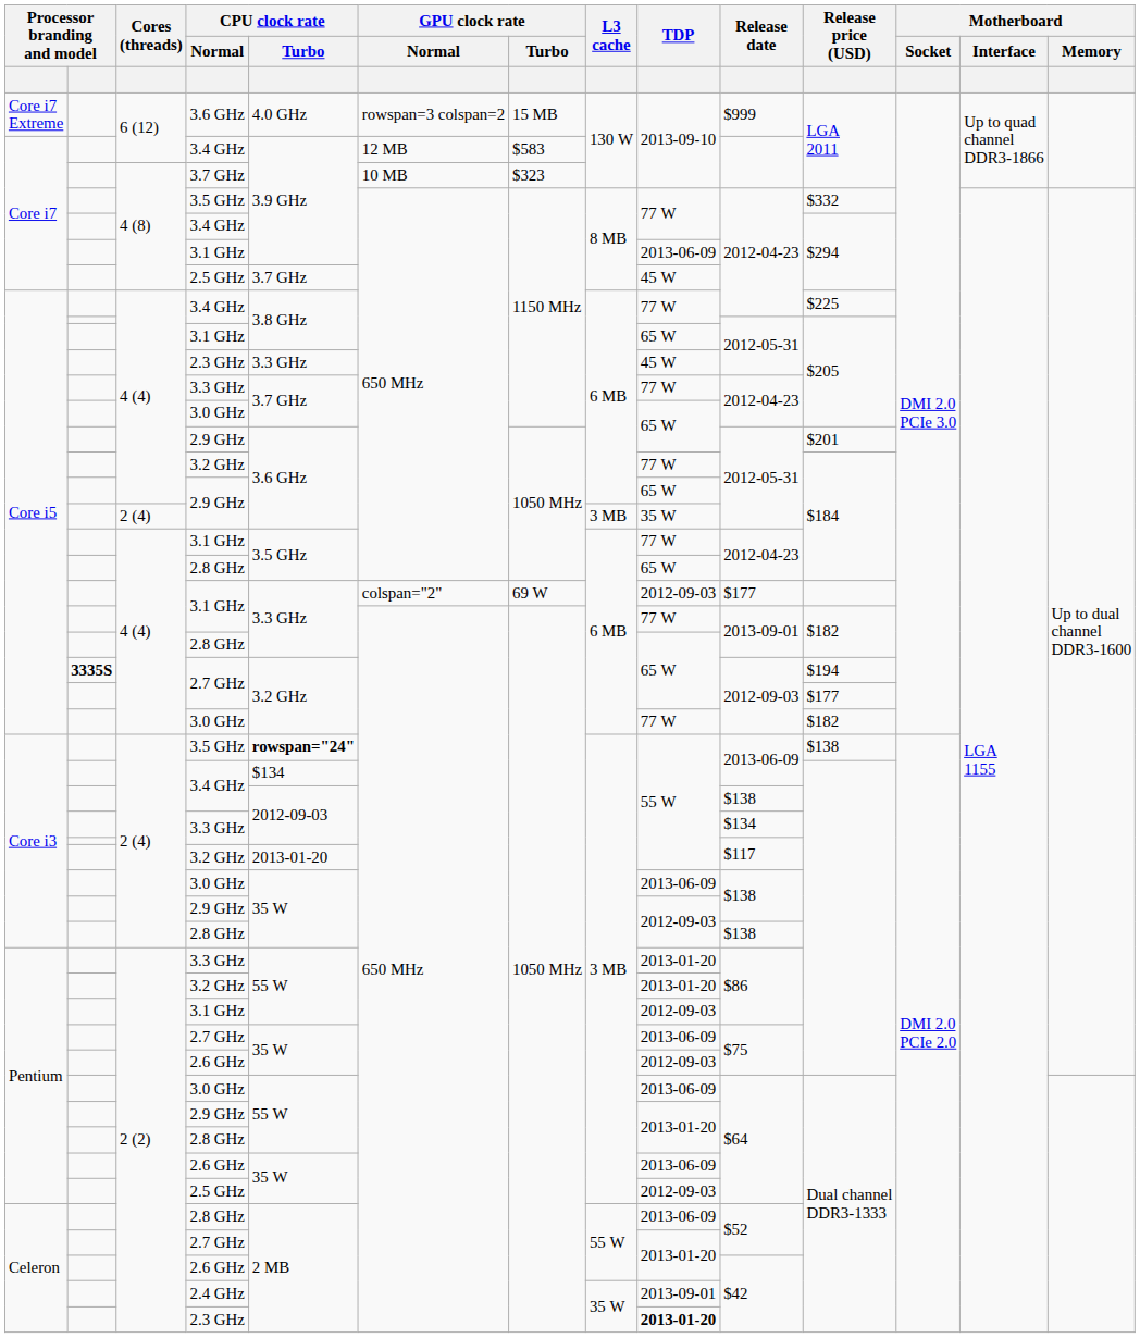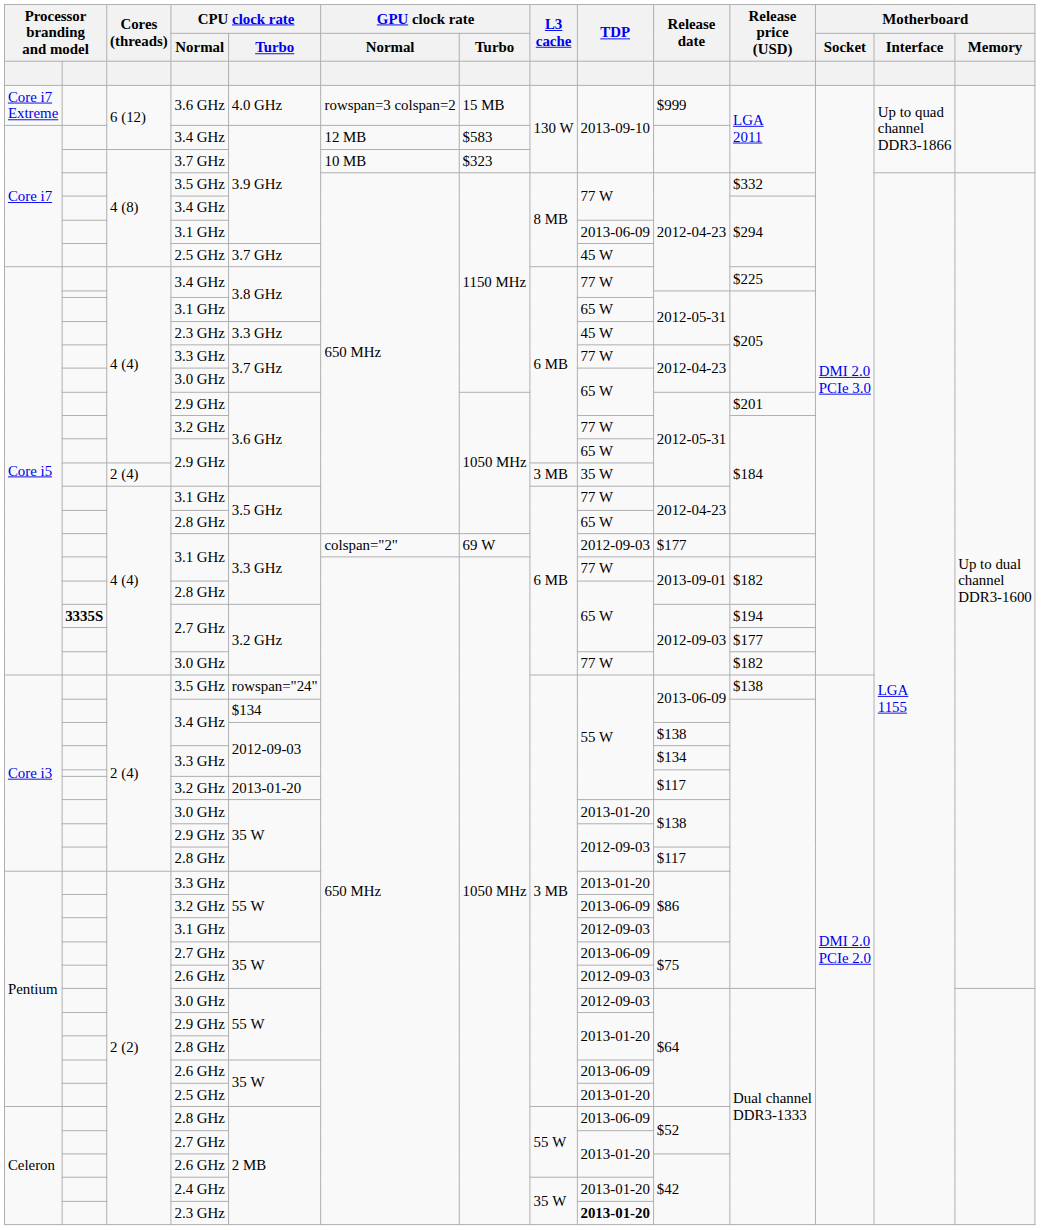 <table class="wikitable sortable hover-highlight">
 <tr>
 <th colspan="2" rowspan="2">Processor<br>branding<br>and model</th>
 <th rowspan="2">Cores<br>(threads)</th>
 <th colspan="2">CPU <a href='#'>clock rate</a></th>
 <th colspan="2"><a href='#'>GPU</a> clock rate</th>
 <th rowspan="2"><a href='#'>L3<br>cache</a></th>
 <th rowspan="2"><a href='#'>TDP</a></th>
 <th rowspan="2">Release<br>date</th>
 <th rowspan="2">Release<br>price<br>(USD)</th>
 <th colspan="3">Motherboard</th>
 </tr>
 <tr>
 <th>Normal</th>
 <th><a href='#'>Turbo</a></th>
 <th>Normal</th>
 <th>Turbo</th>
 <th>Socket</th>
 <th>Interface</th>
 <th>Memory</th>
 </tr>
 <tr>
 <th style="background-position:center"><br></th>
 <th style="background-position:center"></th>
 <th style="background-position:center"></th>
 <th style="background-position:center"></th>
 <th style="background-position:center"></th>
 <th style="background-position:center"></th>
 <th style="background-position:center"></th>
 <th style="background-position:center"></th>
 <th style="background-position:center"></th>
 <th style="background-position:center"></th>
 <th style="background-position:center"></th>
 <th style="background-position:center"></th>
 <th style="background-position:center"></th>
 <th style="background-position:center"></th>
 </tr>
 <tr>
 <td><a href='#'>Core i7<br>Extreme</a></td>
 <td></td>
 <td rowspan="2">6 (12)</td>
 <td>3.6 GHz</td>
 <td>4.0 GHz</td>
 <td>rowspan=3 colspan=2 </td>
 <td>15 MB</td>
 <td rowspan=3>130 W</td>
 <td rowspan=3>2013-09-10</td>
 <td>$999</td>
 <td rowspan=3><a href='#'>LGA<br>2011</a></td>
 <td rowspan=25><a href='#'>DMI 2.0</a><br><a href='#'>PCIe 3.0</a></td>
 <td rowspan=3>Up to quad<br>channel<br>DDR3-1866</td>
 </tr>
 <tr>
 <td rowspan=6><a href='#'>Core i7</a></td>
 <td></td>
 <td>3.4 GHz</td>
 <td rowspan=5>3.9 GHz</td>
 <td>12 MB</td>
 <td>$583</td>
 </tr>
 <tr>
 <td></td>
 <td rowspan=5>4 (8)</td>
 <td>3.7 GHz</td>
 <td>10 MB</td>
 <td>$323</td>
 </tr>
 <tr>
 <td><strong></strong></td>
 <td>3.5 GHz</td>
 <td rowspan="16">650 MHz</td>
 <td rowspan="10">1150 MHz</td>
 <td rowspan=" 4">8 MB</td>
 <td rowspan=" 2">77 W</td>
 <td rowspan=" 5">2012-04-23</td>
 <td>$332</td>
 <td rowspan="46"><a href='#'>LGA<br>1155</a></td>
 <td rowspan="36">Up to dual<br>channel<br>DDR3-1600</td>
 </tr>
 <tr>
 <td><strong></strong></td>
 <td>3.4 GHz</td>
 <td rowspan="3">$294</td>
 </tr>
 <tr>
 <td><strong></strong></td>
 <td>3.1 GHz</td>
 <td>2013-06-09</td>
 </tr>
 <tr>
 <td><strong></strong></td>
 <td>2.5 GHz</td>
 <td>3.7 GHz</td>
 <td>45 W</td>
 </tr>
 <tr>
 <td rowspan="18"><a href='#'>Core i5</a></td>
 <td><strong></strong></td>
 <td rowspan=" 9">4 (4)</td>
 <td rowspan="2">3.4 GHz</td>
 <td rowspan="3">3.8 GHz</td>
 <td rowspan="9">6 MB</td>
 <td rowspan="2">77 W</td>
 <td>$225</td>
 </tr>
 <tr>
 <td></td>
 <td rowspan="3">2012-05-31</td>
 <td rowspan="5">$205</td>
 </tr>
 <tr>
 <td></td>
 <td>3.1 GHz</td>
 <td>65 W</td>
 </tr>
 <tr>
 <td></td>
 <td>2.3 GHz</td>
 <td>3.3 GHz</td>
 <td>45 W</td>
 </tr>
 <tr 1050>
 <td></td>
 <td>3.3 GHz</td>
 <td rowspan="2">3.7 GHz</td>
 <td>77 W</td>
 <td rowspan="2">2012-04-23</td>
 </tr>
 <tr>
 <td></td>
 <td>3.0 GHz</td>
 <td rowspan="2">65 W</td>
 </tr>
 <tr>
 <td></td>
 <td>2.9 GHz</td>
 <td rowspan="4">3.6 GHz</td>
 <td rowspan="6">1050 MHz</td>
 <td rowspan="4">2012-05-31</td>
 <td>$201</td>
 </tr>
 <tr>
 <td></td>
 <td>3.2 GHz</td>
 <td>77 W</td>
 <td rowspan="5">$184</td>
 </tr>
 <tr>
 <td></td>
 <td rowspan="2">2.9 GHz</td>
 <td>65 W</td>
 </tr>
 <tr>
 <td></td>
 <td>2 (4)</td>
 <td>3 MB</td>
 <td>35 W</td>
 </tr>
 <tr>
 <td></td>
 <td rowspan="8">4 (4)</td>
 <td>3.1 GHz</td>
 <td rowspan="2">3.5 GHz</td>
 <td rowspan="8">6 MB</td>
 <td>77 W</td>
 <td rowspan="2">2012-04-23</td>
 </tr>
 <tr>
 <td></td>
 <td>2.8 GHz</td>
 <td>65 W</td>
 </tr>
 <tr>
 <td></td>
 <td rowspan="2">3.1 GHz</td>
 <td rowspan="3">3.3 GHz</td>
 <td>colspan="2" </td>
 <td>69 W</td>
 <td>2012-09-03</td>
 <td>$177</td>
 </tr>
 <tr>
 <td></td>
 <td rowspan="29">650 MHz</td>
 <td rowspan="29">1050 MHz</td>
 <td>77 W</td>
 <td rowspan="2">2013-09-01</td>
 <td rowspan="2">$182</td>
 </tr>
 <tr>
 <td></td>
 <td>2.8 GHz</td>
 <td rowspan="3">65 W</td>
 </tr>
 <tr>
 <td><strong>3335S</strong></td>
 <td rowspan="2">2.7 GHz</td>
 <td rowspan="3">3.2 GHz</td>
 <td rowspan="3">2012-09-03</td>
 <td>$194</td>
 </tr>
 <tr>
 <td></td>
 <td>$177</td>
 </tr>
 <tr>
 <td></td>
 <td>3.0 GHz</td>
 <td>77 W</td>
 <td>$182</td>
 </tr>
 <tr>
 <td rowspan="9"><a href='#'>Core i3</a></td>
 <td></td>
 <td rowspan="9">2 (4)</td>
 <td>3.5 GHz</td>
-<td><strong>rowspan="24" </strong></td>
+<td>rowspan="24" </td>
 <td rowspan="19">3 MB</td>
 <td rowspan="6">55 W</td>
 <td rowspan="2">2013-06-09</td>
 <td>$138</td>
 <td rowspan="24"><a href='#'>DMI 2.0</a><br><a href='#'>PCIe 2.0</a></td>
 </tr>
 <tr>
 <td></td>
 <td rowspan="2">3.4 GHz</td>
 <td>$134</td>
 </tr>
 <tr>
 <td></td>
 <td rowspan="3">2012-09-03</td>
 <td>$138</td>
 </tr>
 <tr>
 <td></td>
 <td rowspan="2">3.3 GHz</td>
 <td>$134</td>
 </tr>
 <tr>
 <td></td>
 <td rowspan="2">$117</td>
 </tr>
 <tr>
 <td></td>
 <td>3.2 GHz</td>
 <td>2013-01-20</td>
 </tr>
 <tr>
 <td></td>
 <td>3.0 GHz</td>
 <td rowspan="3">35 W</td>
-<td>2013-06-09</td>
+<td>2013-01-20</td>
 <td rowspan="2">$138</td>
 </tr>
 <tr>
 <td></td>
 <td>2.9 GHz</td>
 <td rowspan="2">2012-09-03</td>
 </tr>
 <tr>
 <td></td>
 <td>2.8 GHz</td>
-<td>$138</td>
+<td>$117</td>
 </tr>
 <tr>
 <td rowspan="10">Pentium</td>
 <td></td>
 <td rowspan="15">2 (2)</td>
 <td>3.3 GHz</td>
 <td rowspan="3">55 W</td>
 <td>2013-01-20</td>
 <td rowspan="3">$86</td>
 </tr>
 <tr>
 <td></td>
 <td>3.2 GHz</td>
-<td>2013-01-20</td>
+<td>2013-06-09</td>
 </tr>
 <tr>
 <td></td>
 <td>3.1 GHz</td>
 <td>2012-09-03</td>
 </tr>
 <tr>
 <td></td>
 <td>2.7 GHz</td>
 <td rowspan="2">35 W</td>
 <td>2013-06-09</td>
 <td rowspan="2">$75</td>
 </tr>
 <tr>
 <td></td>
 <td>2.6 GHz</td>
 <td>2012-09-03</td>
 </tr>
 <tr>
 <td></td>
 <td>3.0 GHz</td>
 <td rowspan="3">55 W</td>
-<td>2013-06-09</td>
+<td>2012-09-03</td>
 <td rowspan="5">$64</td>
 <td rowspan="10">Dual channel<br>DDR3-1333</td>
 </tr>
 <tr>
 <td></td>
 <td>2.9 GHz</td>
 <td rowspan="2">2013-01-20</td>
 </tr>
 <tr>
 <td></td>
 <td>2.8 GHz</td>
 </tr>
 <tr>
 <td></td>
 <td>2.6 GHz</td>
 <td rowspan="2">35 W</td>
 <td>2013-06-09</td>
 </tr>
 <tr>
 <td></td>
 <td>2.5 GHz</td>
-<td>2012-09-03</td>
+<td>2013-01-20</td>
 </tr>
 <tr>
 <td rowspan="5">Celeron</td>
 <td></td>
 <td>2.8 GHz</td>
 <td rowspan="5">2 MB</td>
 <td rowspan="3">55 W</td>
 <td>2013-06-09</td>
 <td rowspan="2">$52</td>
 </tr>
 <tr>
 <td></td>
 <td>2.7 GHz</td>
 <td rowspan="2">2013-01-20</td>
 </tr>
 <tr>
 <td></td>
 <td>2.6 GHz</td>
 <td rowspan="3">$42</td>
 </tr>
 <tr>
 <td></td>
 <td>2.4 GHz</td>
 <td rowspan="2">35 W</td>
-<td>2013-09-01</td>
+<td>2013-01-20</td>
 </tr>
 <tr>
 <td></td>
 <td>2.3 GHz</td>
 <td><strong>2013-01-20</strong></td>
 </tr>
 </table>
